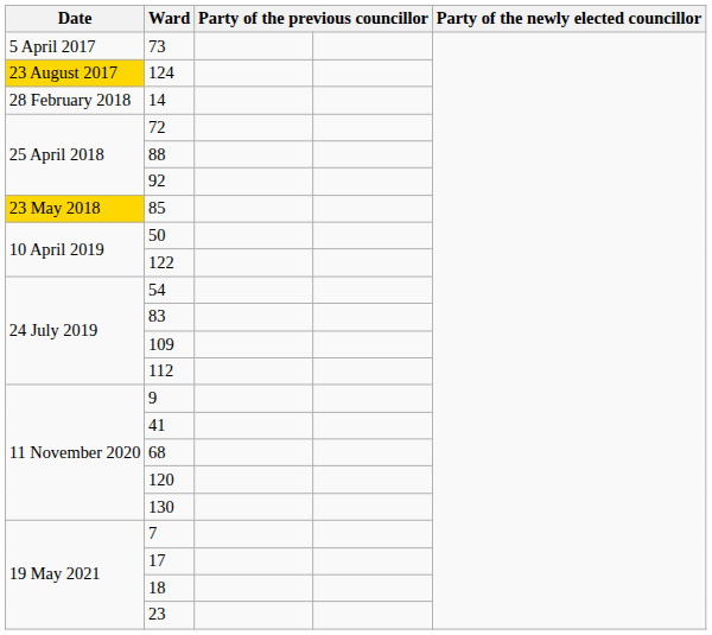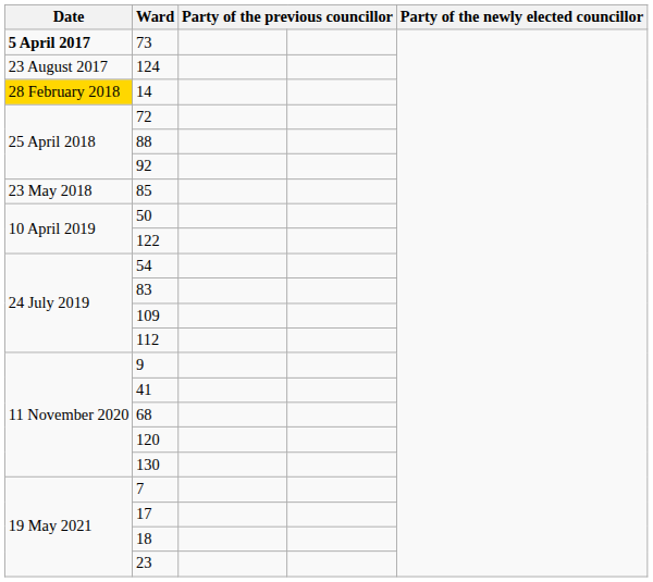 <table class="wikitable">
 <tr>
 <th>Date</th>
 <th>Ward</th>
 <th colspan=2>Party of the previous councillor</th>
 <th colspan=2>Party of the newly elected councillor</th>
 </tr>
 <tr>
-<td>5 April 2017</td>
+<td><strong>5 April 2017</strong></td>
 <td>73</td>
 <td></td>
 <td></td>
 </tr>
 <tr>
-<td style="background: gold;">23 August 2017</td>
+<td>23 August 2017</td>
 <td>124</td>
 <td></td>
 <td></td>
 </tr>
 <tr>
-<td>28 February 2018</td>
+<td style="background: gold;">28 February 2018</td>
 <td>14</td>
 <td></td>
 <td></td>
 </tr>
 <tr>
 <td rowspan=3>25 April 2018</td>
 <td>72</td>
 <td></td>
 <td></td>
 </tr>
 <tr>
 <td>88</td>
 <td></td>
 <td></td>
 </tr>
 <tr>
 <td>92</td>
 <td></td>
 <td></td>
 </tr>
 <tr>
-<td style="background: gold;">23 May 2018</td>
+<td>23 May 2018</td>
 <td>85</td>
 <td></td>
 <td></td>
 </tr>
 <tr>
 <td rowspan=2>10 April 2019</td>
 <td>50</td>
 <td></td>
 <td></td>
 </tr>
 <tr>
 <td>122</td>
 <td></td>
 <td></td>
 </tr>
 <tr>
 <td rowspan=4>24 July 2019</td>
 <td>54</td>
 <td></td>
 <td></td>
 </tr>
 <tr>
 <td>83</td>
 <td></td>
 <td></td>
 </tr>
 <tr>
 <td>109</td>
 <td></td>
 <td></td>
 </tr>
 <tr>
 <td>112</td>
 <td></td>
 <td></td>
 </tr>
 <tr>
 <td rowspan=5>11 November 2020</td>
 <td>9</td>
 <td></td>
 <td></td>
 </tr>
 <tr>
 <td>41</td>
 <td></td>
 <td></td>
 </tr>
 <tr>
 <td>68</td>
 <td></td>
 <td></td>
 </tr>
 <tr>
 <td>120</td>
 <td></td>
 <td></td>
 </tr>
 <tr>
 <td>130</td>
 <td></td>
 <td></td>
 </tr>
 <tr>
 <td rowspan=4>19 May 2021</td>
 <td>7</td>
 <td></td>
 <td></td>
 </tr>
 <tr>
 <td>17</td>
 <td></td>
 <td></td>
 </tr>
 <tr>
 <td>18</td>
 <td></td>
 <td></td>
 </tr>
 <tr>
 <td>23</td>
 <td></td>
 <td></td>
 </tr>
 </table>
